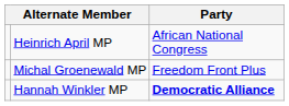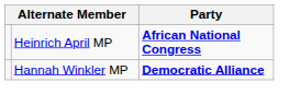 <table class="wikitable">
 <tr>
 <th width="160px" colspan="2" valign="top">Alternate Member</th>
 <th width="160px" valign="top">Party</th>
 </tr>
 <tr>
 <td></td>
 <td><a href='#'>Heinrich April</a> MP</td>
-<td><a href='#'>African National Congress</a></td>
-</tr>
-<tr>
-<td></td>
-<td><a href='#'>Michal Groenewald</a> MP</td>
-<td><a href='#'>Freedom Front Plus</a></td>
+<td><strong><a href='#'>African National Congress</a></strong></td>
 </tr>
 <tr>
 <td></td>
 <td><a href='#'>Hannah Winkler</a> MP</td>
 <td><strong><a href='#'>Democratic Alliance</a></strong></td>
 </tr>
 </table>
